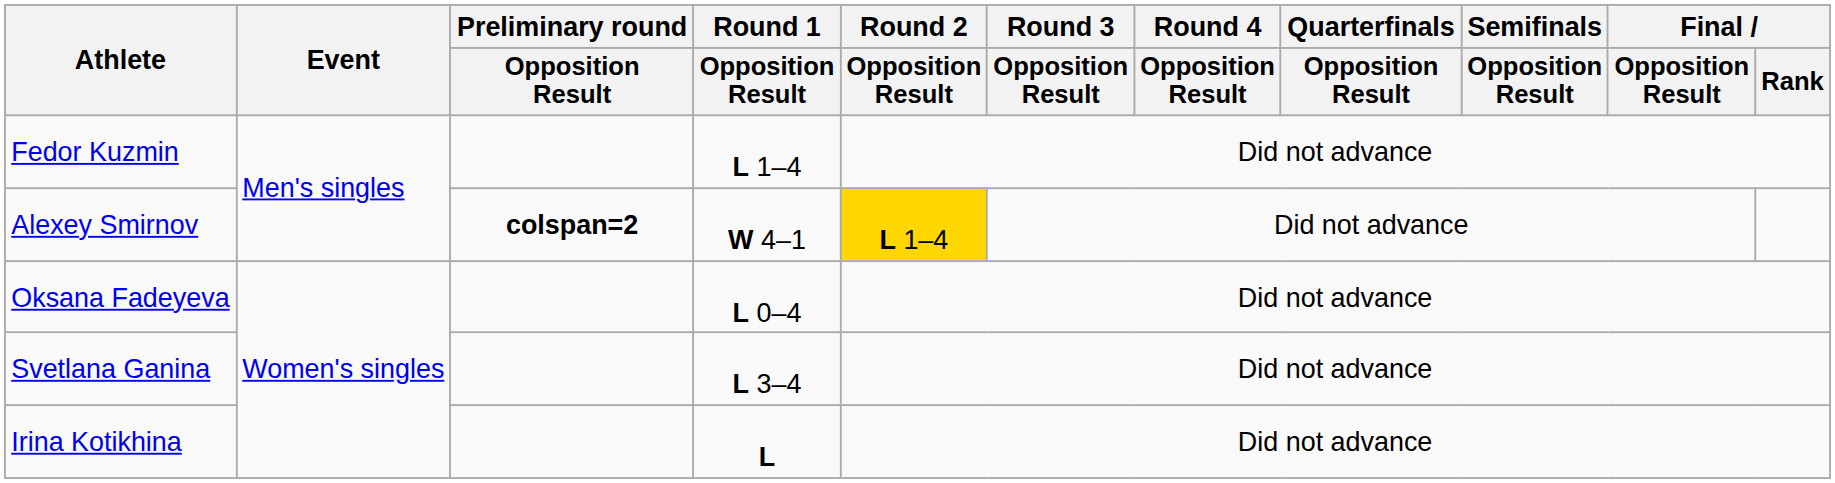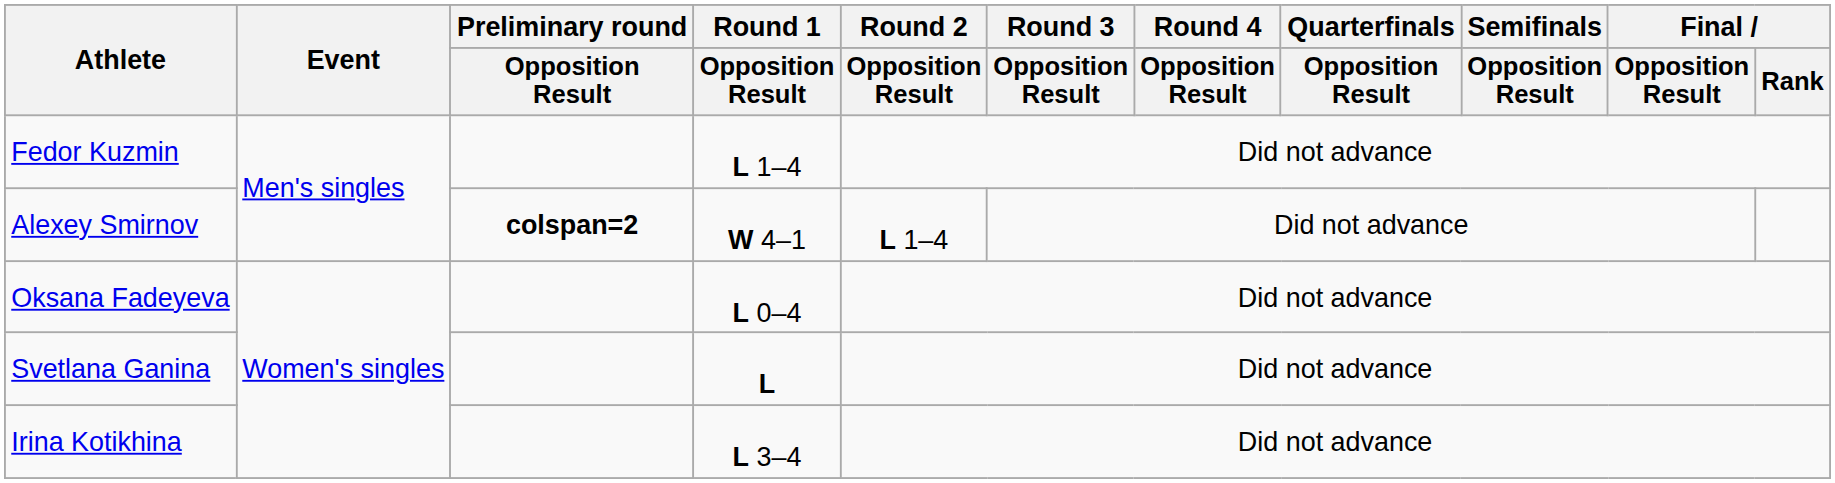 <table class="wikitable" style="font-size:90%">
 <tr>
 <th rowspan="2">Athlete</th>
 <th rowspan="2">Event</th>
 <th>Preliminary round</th>
 <th>Round 1</th>
 <th>Round 2</th>
 <th>Round 3</th>
 <th>Round 4</th>
 <th>Quarterfinals</th>
 <th>Semifinals</th>
 <th colspan=2>Final / </th>
 </tr>
 <tr style="font-size:95%">
 <th>Opposition<br>Result</th>
 <th>Opposition<br>Result</th>
 <th>Opposition<br>Result</th>
 <th>Opposition<br>Result</th>
 <th>Opposition<br>Result</th>
 <th>Opposition<br>Result</th>
 <th>Opposition<br>Result</th>
 <th>Opposition<br>Result</th>
 <th>Rank</th>
 </tr>
 <tr align=center>
 <td align=left><a href='#'>Fedor Kuzmin</a></td>
 <td align=left rowspan=2><a href='#'>Men's singles</a></td>
 <td></td>
 <td><br><strong>L</strong> 1–4</td>
 <td colspan=7>Did not advance</td>
 </tr>
 <tr align=center>
 <td align=left><a href='#'>Alexey Smirnov</a></td>
 <td><strong>colspan=2 </strong></td>
 <td><br><strong>W</strong> 4–1</td>
-<td style="background: gold;"><br><strong>L</strong> 1–4</td>
+<td><br><strong>L</strong> 1–4</td>
 <td colspan=5>Did not advance</td>
 </tr>
 <tr align=center>
 <td align=left><a href='#'>Oksana Fadeyeva</a></td>
 <td align=left rowspan=3><a href='#'>Women's singles</a></td>
 <td></td>
 <td><br><strong>L</strong> 0–4</td>
 <td colspan=7>Did not advance</td>
 </tr>
 <tr align=center>
 <td align=left><a href='#'>Svetlana Ganina</a></td>
 <td></td>
-<td><br><strong>L</strong> 3–4</td>
+<td><br><strong>L</strong> </td>
 <td colspan=7>Did not advance</td>
 </tr>
 <tr align=center>
 <td align=left><a href='#'>Irina Kotikhina</a></td>
 <td></td>
-<td><br><strong>L</strong> </td>
+<td><br><strong>L</strong> 3–4</td>
 <td colspan=7>Did not advance</td>
 </tr>
 </table>
